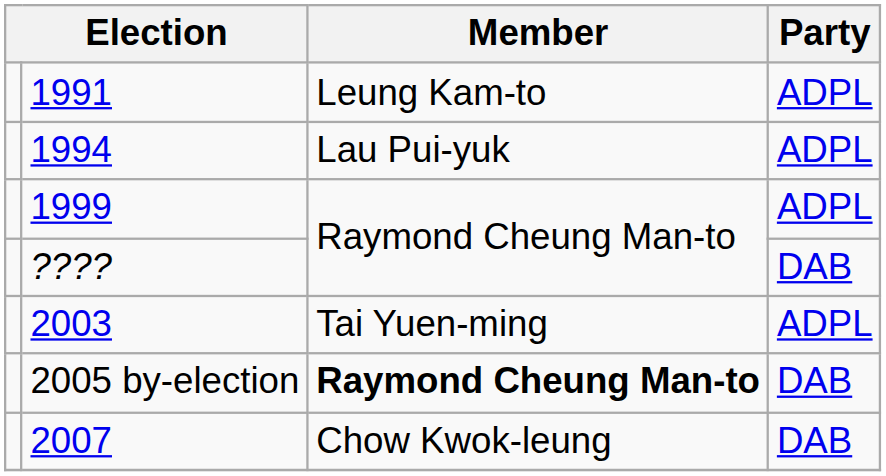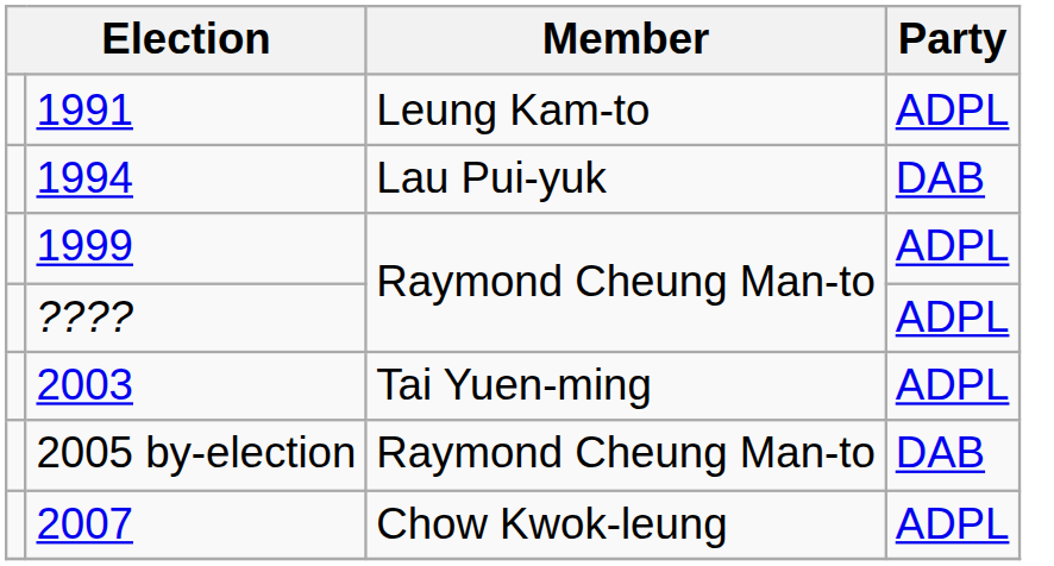 <table class="wikitable">
 <tr>
 <th colspan="2">Election</th>
 <th>Member</th>
 <th>Party</th>
 </tr>
 <tr>
 <td style="background-color: "></td>
 <td><a href='#'>1991</a></td>
 <td>Leung Kam-to</td>
 <td><a href='#'>ADPL</a></td>
 </tr>
 <tr>
 <td style="background-color: "></td>
 <td><a href='#'>1994</a></td>
 <td>Lau Pui-yuk</td>
-<td><a href='#'>ADPL</a></td>
+<td><a href='#'>DAB</a></td>
 </tr>
 <tr>
 <td style="background-color: "></td>
 <td><a href='#'>1999</a></td>
 <td rowspan=2>Raymond Cheung Man-to</td>
 <td><a href='#'>ADPL</a></td>
 </tr>
 <tr>
 <td style="background-color: "></td>
 <td><em>????</em></td>
-<td><a href='#'>DAB</a></td>
+<td><a href='#'>ADPL</a></td>
 </tr>
 <tr>
 <td style="background-color: "></td>
 <td><a href='#'>2003</a></td>
 <td>Tai Yuen-ming</td>
 <td><a href='#'>ADPL</a></td>
 </tr>
 <tr>
 <td style="background-color: "></td>
 <td>2005 by-election</td>
-<td><strong>Raymond Cheung Man-to</strong></td>
+<td>Raymond Cheung Man-to</td>
 <td><a href='#'>DAB</a></td>
 </tr>
 <tr>
 <td style="background-color: "></td>
 <td><a href='#'>2007</a></td>
 <td>Chow Kwok-leung</td>
-<td><a href='#'>DAB</a></td>
+<td><a href='#'>ADPL</a></td>
 </tr>
 <tr>
 </tr>
 </table>
